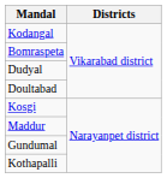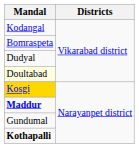 <table class="wikitable sortable static-row-numbers static-row-header-hash">
 <tr>
 <th>Mandal</th>
 <th>Districts</th>
 </tr>
 <tr>
 <td><a href='#'>Kodangal</a></td>
 <td rowspan="4"><a href='#'>Vikarabad district</a></td>
 </tr>
 <tr>
 <td><a href='#'>Bomraspeta</a></td>
 </tr>
 <tr>
 <td>Dudyal</td>
 </tr>
 <tr>
-<td>Doultabad</td>
+<td style="background: lightyellow;">Doultabad</td>
 </tr>
 <tr>
-<td><a href='#'>Kosgi</a></td>
+<td style="background: gold;"><a href='#'>Kosgi</a></td>
 <td rowspan="4"><a href='#'>Narayanpet district</a></td>
 </tr>
 <tr>
-<td><a href='#'>Maddur</a></td>
+<td><strong><a href='#'>Maddur</a></strong></td>
 </tr>
 <tr>
 <td>Gundumal</td>
 </tr>
 <tr>
-<td>Kothapalli</td>
+<td><strong>Kothapalli</strong></td>
 </tr>
 </table>
